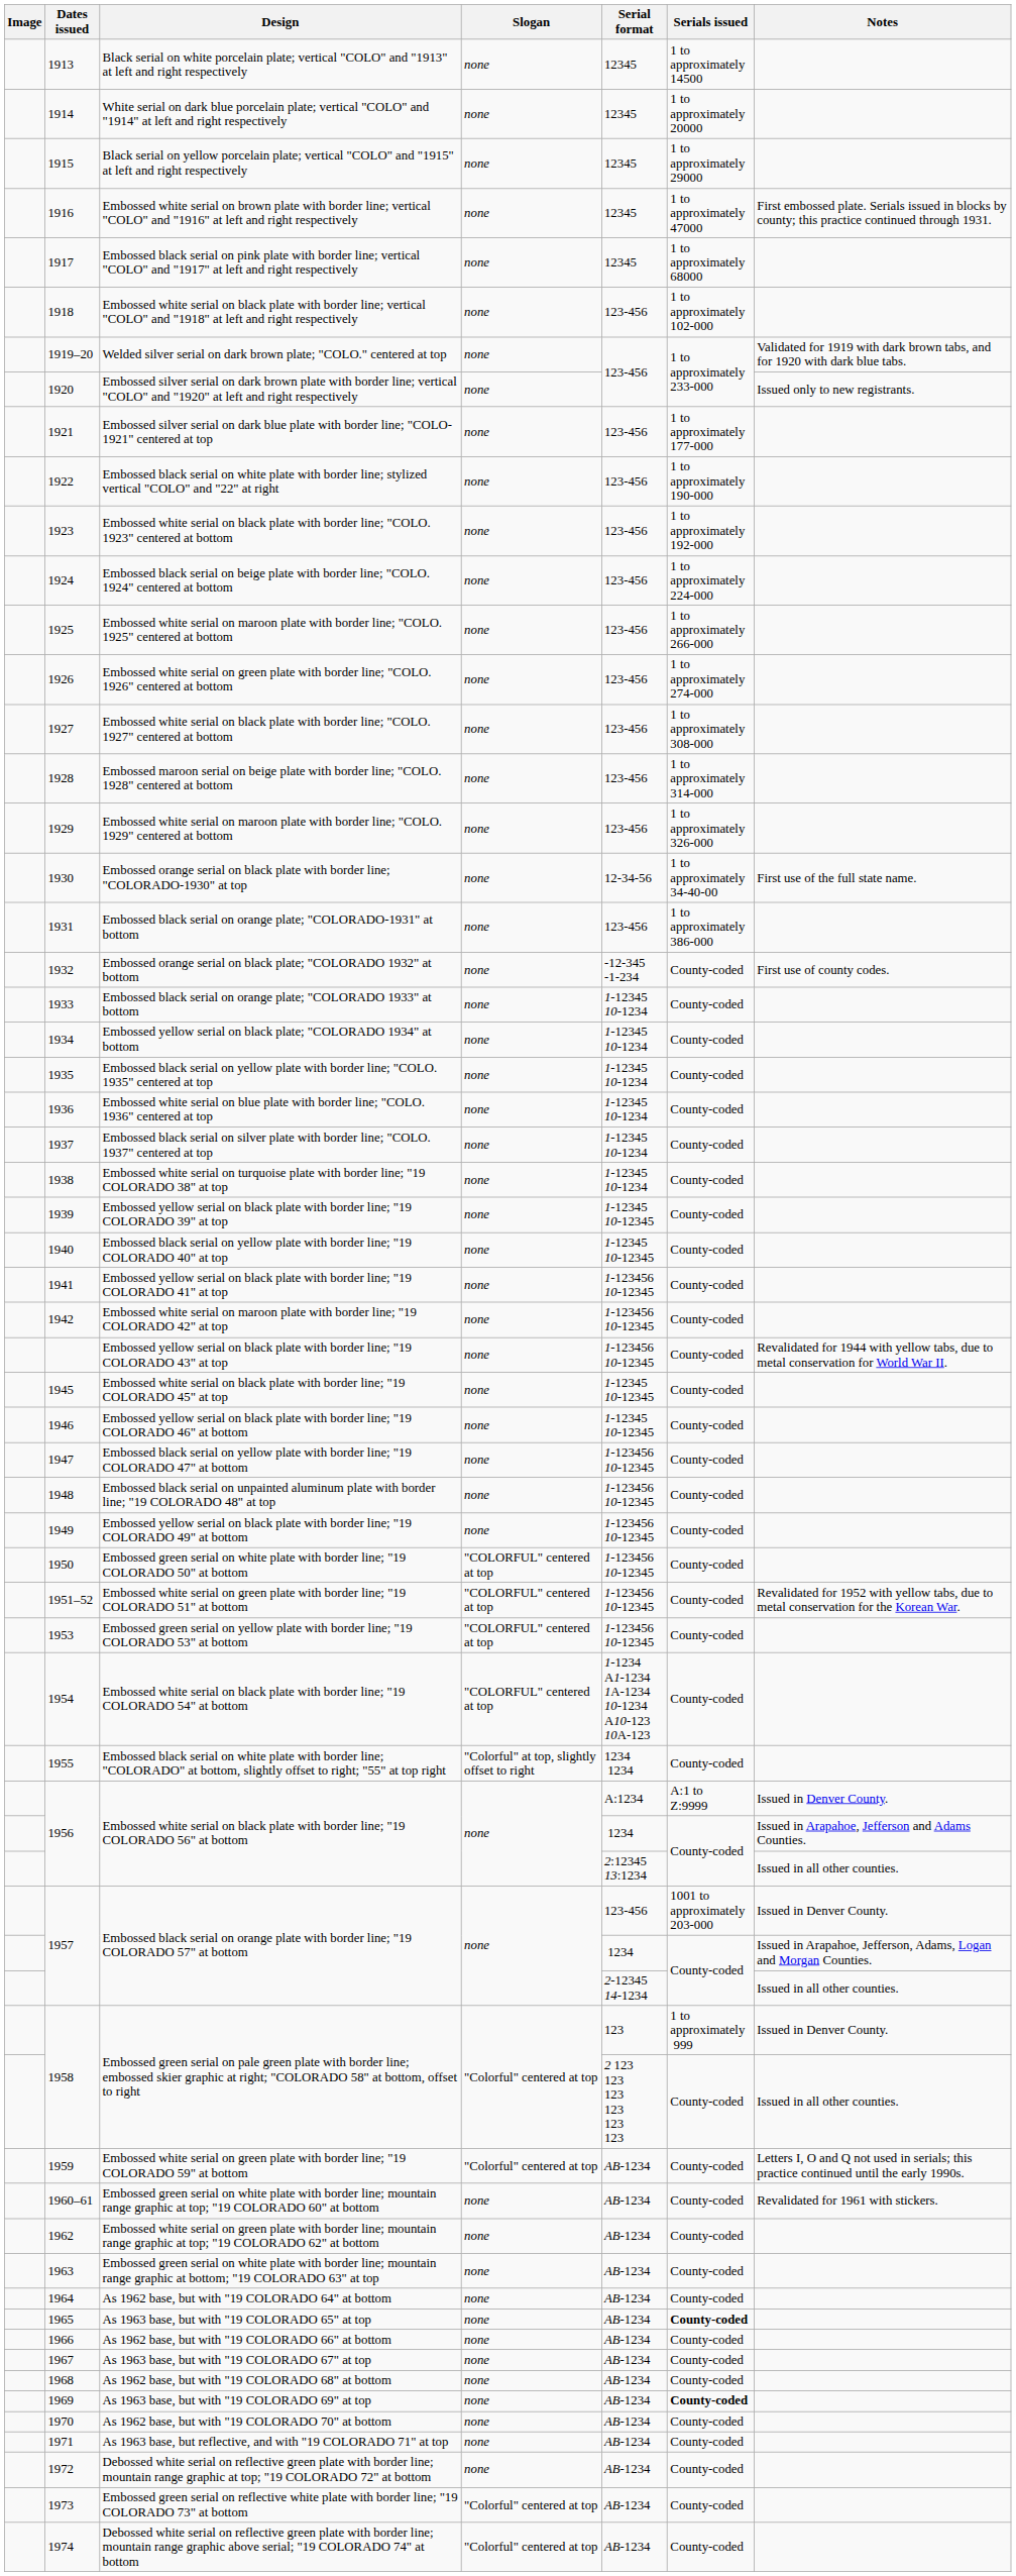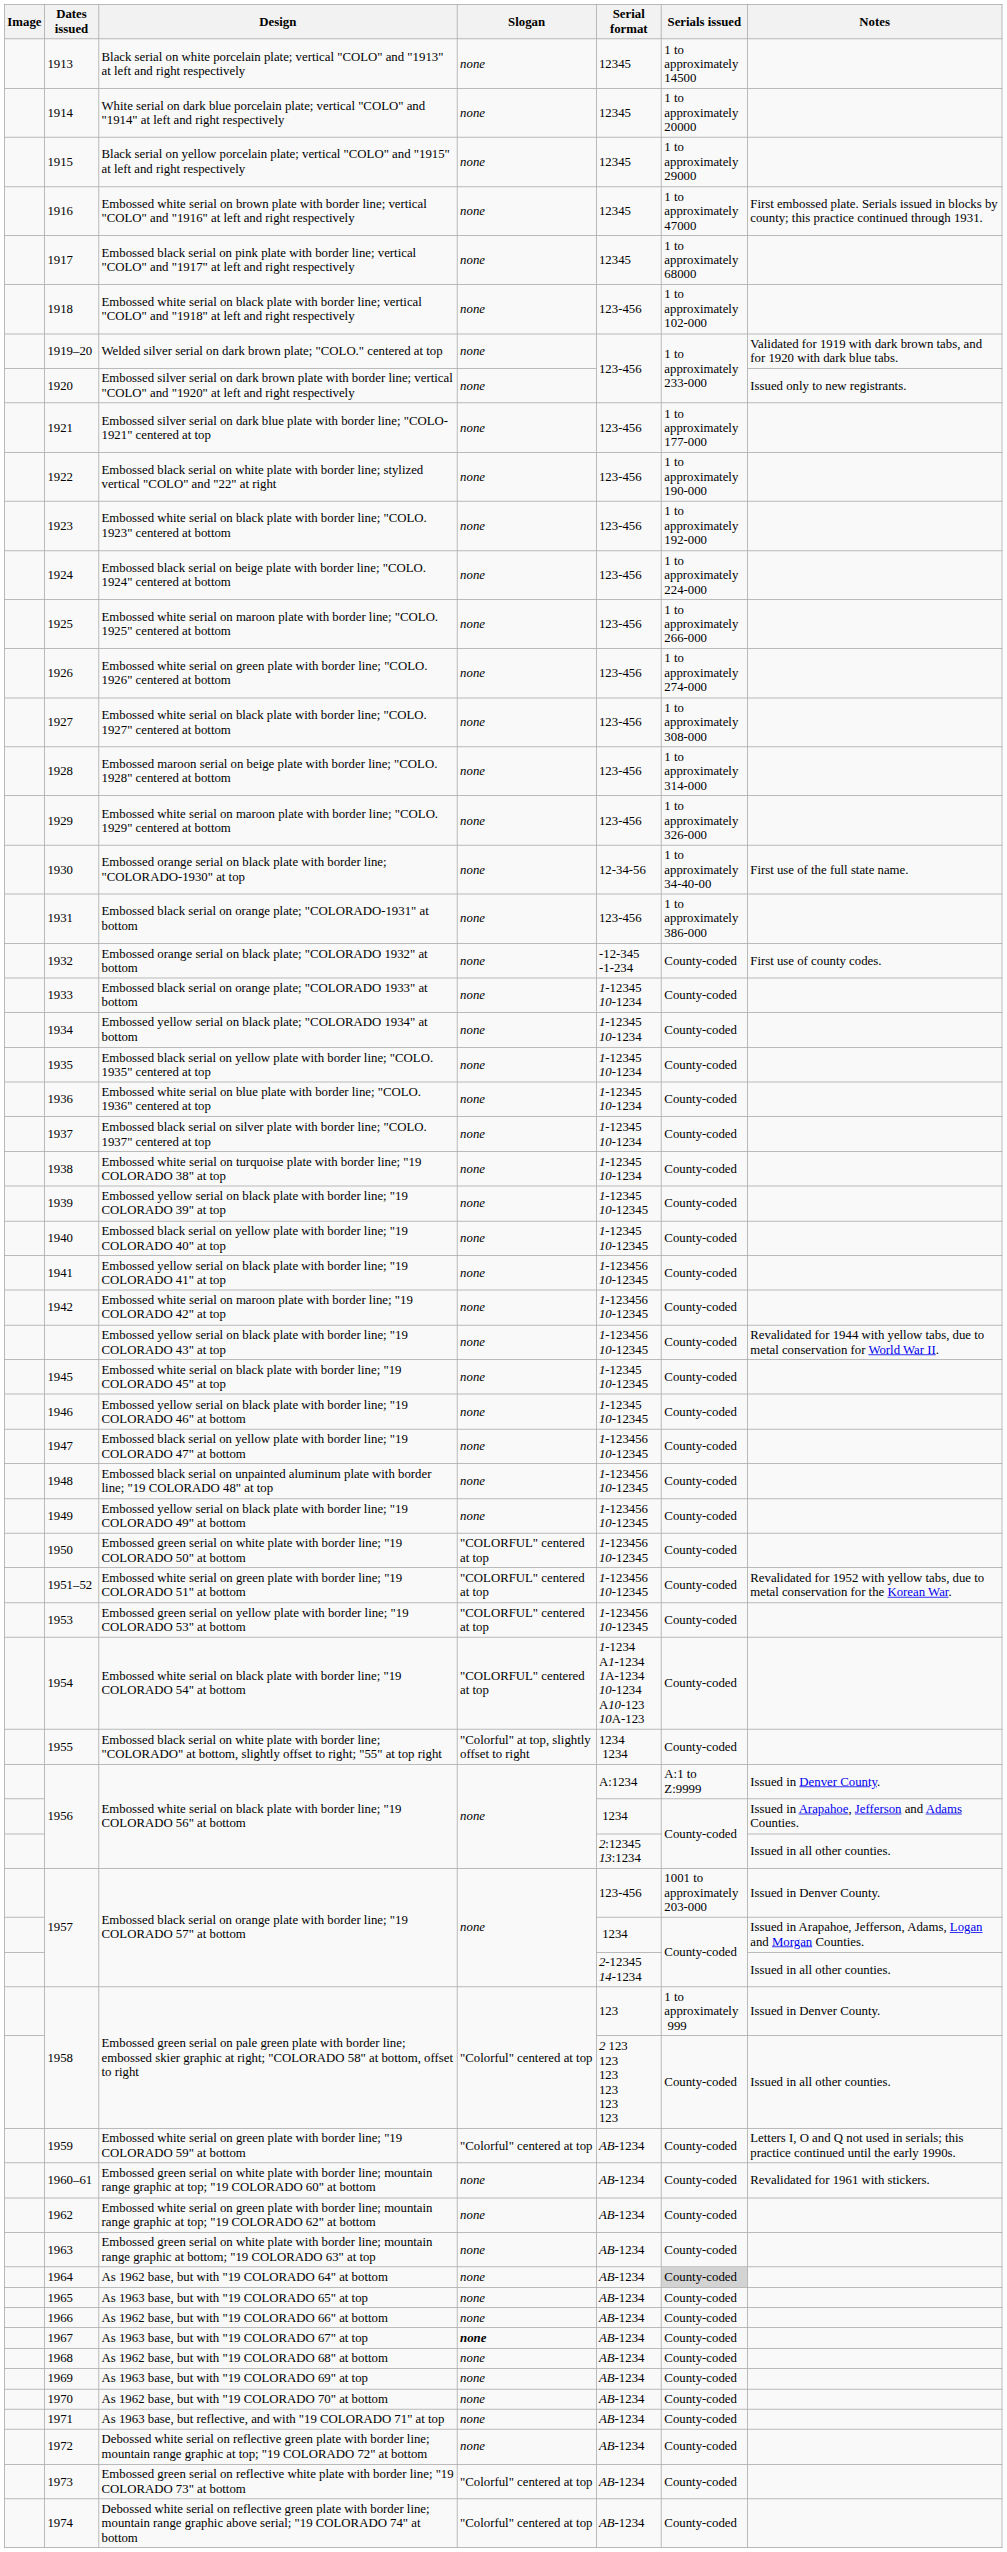 <table class="wikitable">
 <tr>
 <th>Image</th>
 <th>Dates issued</th>
 <th>Design</th>
 <th>Slogan</th>
 <th>Serial format</th>
 <th style="width:100px;">Serials issued</th>
 <th>Notes</th>
 </tr>
 <tr>
 <td></td>
 <td>1913</td>
 <td>Black serial on white porcelain plate; vertical "COLO" and "1913" at left and right respectively</td>
 <td><em>none</em></td>
 <td>12345</td>
 <td>1 to approximately 14500</td>
 <td></td>
 </tr>
 <tr>
 <td></td>
 <td>1914</td>
 <td>White serial on dark blue porcelain plate; vertical "COLO" and "1914" at left and right respectively</td>
 <td><em>none</em></td>
 <td>12345</td>
 <td>1 to approximately 20000</td>
 <td></td>
 </tr>
 <tr>
 <td></td>
 <td>1915</td>
 <td>Black serial on yellow porcelain plate; vertical "COLO" and "1915" at left and right respectively</td>
 <td><em>none</em></td>
 <td>12345</td>
 <td>1 to approximately 29000</td>
 <td></td>
 </tr>
 <tr>
 <td></td>
 <td>1916</td>
 <td>Embossed white serial on brown plate with border line; vertical "COLO" and "1916" at left and right respectively</td>
 <td><em>none</em></td>
 <td>12345</td>
 <td>1 to approximately 47000</td>
 <td>First embossed plate. Serials issued in blocks by county; this practice continued through 1931.</td>
 </tr>
 <tr>
 <td></td>
 <td>1917</td>
 <td>Embossed black serial on pink plate with border line; vertical "COLO" and "1917" at left and right respectively</td>
 <td><em>none</em></td>
 <td>12345</td>
 <td>1 to approximately 68000</td>
 <td></td>
 </tr>
 <tr>
 <td></td>
 <td>1918</td>
 <td>Embossed white serial on black plate with border line; vertical "COLO" and "1918" at left and right respectively</td>
 <td><em>none</em></td>
 <td>123-456</td>
 <td>1 to approximately 102-000</td>
 <td></td>
 </tr>
 <tr>
 <td><br></td>
 <td>1919–20</td>
 <td>Welded silver serial on dark brown plate; "COLO." centered at top</td>
 <td><em>none</em></td>
 <td rowspan="2">123-456</td>
 <td rowspan="2">1 to approximately 233-000</td>
 <td>Validated for 1919 with dark brown tabs, and for 1920 with dark blue tabs.</td>
 </tr>
 <tr>
 <td></td>
 <td>1920</td>
 <td>Embossed silver serial on dark brown plate with border line; vertical "COLO" and "1920" at left and right respectively</td>
 <td><em>none</em></td>
 <td>Issued only to new registrants.</td>
 </tr>
 <tr>
 <td></td>
 <td>1921</td>
 <td>Embossed silver serial on dark blue plate with border line; "COLO-1921" centered at top</td>
 <td><em>none</em></td>
 <td>123-456</td>
 <td>1 to approximately 177-000</td>
 <td></td>
 </tr>
 <tr>
 <td></td>
 <td>1922</td>
 <td>Embossed black serial on white plate with border line; stylized vertical "COLO" and "22" at right</td>
 <td><em>none</em></td>
 <td>123-456</td>
 <td>1 to approximately 190-000</td>
 <td></td>
 </tr>
 <tr>
 <td></td>
 <td>1923</td>
 <td>Embossed white serial on black plate with border line; "COLO. 1923" centered at bottom</td>
 <td><em>none</em></td>
 <td>123-456</td>
 <td>1 to approximately 192-000</td>
 <td></td>
 </tr>
 <tr>
 <td></td>
 <td>1924</td>
 <td>Embossed black serial on beige plate with border line; "COLO. 1924" centered at bottom</td>
 <td><em>none</em></td>
 <td>123-456</td>
 <td>1 to approximately 224-000</td>
 <td></td>
 </tr>
 <tr>
 <td></td>
 <td>1925</td>
 <td>Embossed white serial on maroon plate with border line; "COLO. 1925" centered at bottom</td>
 <td><em>none</em></td>
 <td>123-456</td>
 <td>1 to approximately 266-000</td>
 <td></td>
 </tr>
 <tr>
 <td></td>
 <td>1926</td>
 <td>Embossed white serial on green plate with border line; "COLO. 1926" centered at bottom</td>
 <td><em>none</em></td>
 <td>123-456</td>
 <td>1 to approximately 274-000</td>
 <td></td>
 </tr>
 <tr>
 <td></td>
 <td>1927</td>
 <td>Embossed white serial on black plate with border line; "COLO. 1927" centered at bottom</td>
 <td><em>none</em></td>
 <td>123-456</td>
 <td>1 to approximately 308-000</td>
 <td></td>
 </tr>
 <tr>
 <td></td>
 <td>1928</td>
 <td>Embossed maroon serial on beige plate with border line; "COLO. 1928" centered at bottom</td>
 <td><em>none</em></td>
 <td>123-456</td>
 <td>1 to approximately 314-000</td>
 <td></td>
 </tr>
 <tr>
 <td></td>
 <td>1929</td>
 <td>Embossed white serial on maroon plate with border line; "COLO. 1929" centered at bottom</td>
 <td><em>none</em></td>
 <td>123-456</td>
 <td>1 to approximately 326-000</td>
 <td></td>
 </tr>
 <tr>
 <td></td>
 <td>1930</td>
 <td>Embossed orange serial on black plate with border line; "COLORADO-1930" at top</td>
 <td><em>none</em></td>
 <td>12-34-56</td>
 <td>1 to approximately 34-40-00</td>
 <td>First use of the full state name.</td>
 </tr>
 <tr>
 <td></td>
 <td>1931</td>
 <td>Embossed black serial on orange plate; "COLORADO-1931" at bottom</td>
 <td><em>none</em></td>
 <td>123-456</td>
 <td>1 to approximately 386-000</td>
 <td></td>
 </tr>
 <tr>
 <td></td>
 <td>1932</td>
 <td>Embossed orange serial on black plate; "COLORADO 1932" at bottom</td>
 <td><em>none</em></td>
 <td>-12-345<br>-1-234</td>
 <td>County-coded</td>
 <td>First use of county codes.</td>
 </tr>
 <tr>
 <td></td>
 <td>1933</td>
 <td>Embossed black serial on orange plate; "COLORADO 1933" at bottom</td>
 <td><em>none</em></td>
 <td><em>1</em>-12345<br><em>10</em>-1234</td>
 <td>County-coded</td>
 <td></td>
 </tr>
 <tr>
 <td></td>
 <td>1934</td>
 <td>Embossed yellow serial on black plate; "COLORADO 1934" at bottom</td>
 <td><em>none</em></td>
 <td><em>1</em>-12345<br><em>10</em>-1234</td>
 <td>County-coded</td>
 <td></td>
 </tr>
 <tr>
 <td></td>
 <td>1935</td>
 <td>Embossed black serial on yellow plate with border line; "COLO. 1935" centered at top</td>
 <td><em>none</em></td>
 <td><em>1</em>-12345<br><em>10</em>-1234</td>
 <td>County-coded</td>
 <td></td>
 </tr>
 <tr>
 <td></td>
 <td>1936</td>
 <td>Embossed white serial on blue plate with border line; "COLO. 1936" centered at top</td>
 <td><em>none</em></td>
 <td><em>1</em>-12345<br><em>10</em>-1234</td>
 <td>County-coded</td>
 <td></td>
 </tr>
 <tr>
 <td></td>
 <td>1937</td>
 <td>Embossed black serial on silver plate with border line; "COLO. 1937" centered at top</td>
 <td><em>none</em></td>
 <td><em>1</em>-12345<br><em>10</em>-1234</td>
 <td>County-coded</td>
 <td></td>
 </tr>
 <tr>
 <td></td>
 <td>1938</td>
 <td>Embossed white serial on turquoise plate with border line; "19 COLORADO 38" at top</td>
 <td><em>none</em></td>
 <td><em>1</em>-12345<br><em>10</em>-1234</td>
 <td>County-coded</td>
 <td></td>
 </tr>
 <tr>
 <td></td>
 <td>1939</td>
 <td>Embossed yellow serial on black plate with border line; "19 COLORADO 39" at top</td>
 <td><em>none</em></td>
 <td><em>1</em>-12345<br><em>10</em>-12345</td>
 <td>County-coded</td>
 <td></td>
 </tr>
 <tr>
 <td></td>
 <td>1940</td>
 <td>Embossed black serial on yellow plate with border line; "19 COLORADO 40" at top</td>
 <td><em>none</em></td>
 <td><em>1</em>-12345<br><em>10</em>-12345</td>
 <td>County-coded</td>
 <td></td>
 </tr>
 <tr>
 <td></td>
 <td>1941</td>
 <td>Embossed yellow serial on black plate with border line; "19 COLORADO 41" at top</td>
 <td><em>none</em></td>
 <td><em>1</em>-123456<br><em>10</em>-12345</td>
 <td>County-coded</td>
 <td></td>
 </tr>
 <tr>
 <td></td>
 <td>1942</td>
 <td>Embossed white serial on maroon plate with border line; "19 COLORADO 42" at top</td>
 <td><em>none</em></td>
 <td><em>1</em>-123456<br><em>10</em>-12345</td>
 <td>County-coded</td>
 <td></td>
 </tr>
 <tr>
 <td><br></td>
 <td></td>
 <td>Embossed yellow serial on black plate with border line; "19 COLORADO 43" at top</td>
 <td><em>none</em></td>
 <td><em>1</em>-123456<br><em>10</em>-12345</td>
 <td>County-coded</td>
 <td>Revalidated for 1944 with yellow tabs, due to metal conservation for <a href='#'>World War II</a>.</td>
 </tr>
 <tr>
 <td></td>
 <td>1945</td>
 <td>Embossed white serial on black plate with border line; "19 COLORADO 45" at top</td>
 <td><em>none</em></td>
 <td><em>1</em>-12345<br><em>10</em>-12345</td>
 <td>County-coded</td>
 <td></td>
 </tr>
 <tr>
 <td></td>
 <td>1946</td>
 <td>Embossed yellow serial on black plate with border line; "19 COLORADO 46" at bottom</td>
 <td><em>none</em></td>
 <td><em>1</em>-12345<br><em>10</em>-12345</td>
 <td>County-coded</td>
 <td></td>
 </tr>
 <tr>
 <td></td>
 <td>1947</td>
 <td>Embossed black serial on yellow plate with border line; "19 COLORADO 47" at bottom</td>
 <td><em>none</em></td>
 <td><em>1</em>-123456<br><em>10</em>-12345</td>
 <td>County-coded</td>
 <td></td>
 </tr>
 <tr>
 <td></td>
 <td>1948</td>
 <td>Embossed black serial on unpainted aluminum plate with border line; "19 COLORADO 48" at top</td>
 <td><em>none</em></td>
 <td><em>1</em>-123456<br><em>10</em>-12345</td>
 <td>County-coded</td>
 <td></td>
 </tr>
 <tr>
 <td></td>
 <td>1949</td>
 <td>Embossed yellow serial on black plate with border line; "19 COLORADO 49" at bottom</td>
 <td><em>none</em></td>
 <td><em>1</em>-123456<br><em>10</em>-12345</td>
 <td>County-coded</td>
 <td></td>
 </tr>
 <tr>
 <td></td>
 <td>1950</td>
 <td>Embossed green serial on white plate with border line; "19 COLORADO 50" at bottom</td>
 <td>"COLORFUL" centered at top</td>
 <td><em>1</em>-123456<br><em>10</em>-12345</td>
 <td>County-coded</td>
 <td></td>
 </tr>
 <tr>
 <td><br></td>
 <td>1951–52</td>
 <td>Embossed white serial on green plate with border line; "19 COLORADO 51" at bottom</td>
 <td>"COLORFUL" centered at top</td>
 <td><em>1</em>-123456<br><em>10</em>-12345</td>
 <td>County-coded</td>
 <td>Revalidated for 1952 with yellow tabs, due to metal conservation for the <a href='#'>Korean War</a>.</td>
 </tr>
 <tr>
 <td></td>
 <td>1953</td>
 <td>Embossed green serial on yellow plate with border line; "19 COLORADO 53" at bottom</td>
 <td>"COLORFUL" centered at top</td>
 <td><em>1</em>-123456<br><em>10</em>-12345</td>
 <td>County-coded</td>
 <td></td>
 </tr>
 <tr>
 <td></td>
 <td>1954</td>
 <td>Embossed white serial on black plate with border line; "19 COLORADO 54" at bottom</td>
 <td>"COLORFUL" centered at top</td>
 <td><em>1</em>-1234<br>A<em>1</em>-1234<br><em>1</em>A-1234<br><em>10</em>-1234<br>A<em>10</em>-123<br><em>10</em>A-123</td>
 <td>County-coded</td>
 <td></td>
 </tr>
 <tr>
 <td></td>
 <td>1955</td>
 <td>Embossed black serial on white plate with border line; "COLORADO" at bottom, slightly offset to right; "55" at top right</td>
 <td>"Colorful" at top, slightly offset to right</td>
 <td> 1234<br> 1234</td>
 <td>County-coded</td>
 <td></td>
 </tr>
 <tr>
 <td></td>
 <td rowspan="3">1956</td>
 <td rowspan="3">Embossed white serial on black plate with border line; "19 COLORADO 56" at bottom</td>
 <td rowspan="3"><em>none</em></td>
 <td>A:1234</td>
 <td>A:1 to<br>Z:9999</td>
 <td>Issued in <a href='#'>Denver County</a>.</td>
 </tr>
 <tr>
 <td></td>
 <td> 1234</td>
 <td rowspan="2">County-coded</td>
 <td>Issued in <a href='#'>Arapahoe</a>, <a href='#'>Jefferson</a> and <a href='#'>Adams</a> Counties.</td>
 </tr>
 <tr>
 <td></td>
 <td><em>2</em>:12345<br><em>13</em>:1234</td>
 <td>Issued in all other counties.</td>
 </tr>
 <tr>
 <td></td>
 <td rowspan="3">1957</td>
 <td rowspan="3">Embossed black serial on orange plate with border line; "19 COLORADO 57" at bottom</td>
 <td rowspan="3"><em>none</em></td>
 <td>123-456</td>
 <td>1001 to approximately 203-000</td>
 <td>Issued in Denver County.</td>
 </tr>
 <tr>
 <td></td>
 <td> 1234</td>
 <td rowspan="2">County-coded</td>
 <td>Issued in Arapahoe, Jefferson, Adams, <a href='#'>Logan</a> and <a href='#'>Morgan</a> Counties.</td>
 </tr>
 <tr>
 <td></td>
 <td><em>2</em>-12345<br><em>14</em>-1234</td>
 <td>Issued in all other counties.</td>
 </tr>
 <tr>
 <td></td>
 <td rowspan="2">1958</td>
 <td rowspan="2">Embossed green serial on pale green plate with border line; embossed skier graphic at right; "COLORADO 58" at bottom, offset to right</td>
 <td rowspan="2">"Colorful" centered at top</td>
 <td> 123</td>
 <td> 1 to approximately  999</td>
 <td>Issued in Denver County.</td>
 </tr>
 <tr>
 <td></td>
 <td><em>2</em> 123<br> 123<br> 123<br> 123<br> 123<br> 123</td>
 <td>County-coded</td>
 <td>Issued in all other counties.</td>
 </tr>
 <tr>
 <td></td>
 <td>1959</td>
 <td>Embossed white serial on green plate with border line; "19 COLORADO 59" at bottom</td>
 <td>"Colorful" centered at top</td>
 <td><em>AB</em>-1234</td>
 <td>County-coded</td>
 <td>Letters I, O and Q not used in serials; this practice continued until the early 1990s.</td>
 </tr>
 <tr>
 <td></td>
 <td>1960–61</td>
 <td>Embossed green serial on white plate with border line; mountain range graphic at top; "19 COLORADO 60" at bottom</td>
 <td><em>none</em></td>
 <td><em>AB</em>-1234</td>
 <td>County-coded</td>
 <td>Revalidated for 1961 with stickers.</td>
 </tr>
 <tr>
 <td></td>
 <td>1962</td>
 <td>Embossed white serial on green plate with border line; mountain range graphic at top; "19 COLORADO 62" at bottom</td>
 <td><em>none</em></td>
 <td><em>AB</em>-1234</td>
 <td>County-coded</td>
 <td></td>
 </tr>
 <tr>
 <td></td>
 <td>1963</td>
 <td>Embossed green serial on white plate with border line; mountain range graphic at bottom; "19 COLORADO 63" at top</td>
 <td><em>none</em></td>
 <td><em>AB</em>-1234</td>
 <td>County-coded</td>
 <td></td>
 </tr>
 <tr>
 <td></td>
 <td>1964</td>
 <td>As 1962 base, but with "19 COLORADO 64" at bottom</td>
 <td><em>none</em></td>
 <td><em>AB</em>-1234</td>
-<td>County-coded</td>
+<td style="background: lightgrey;">County-coded</td>
 <td></td>
 </tr>
 <tr>
 <td></td>
 <td>1965</td>
 <td>As 1963 base, but with "19 COLORADO 65" at top</td>
 <td><em>none</em></td>
 <td><em>AB</em>-1234</td>
-<td><strong>County-coded</strong></td>
+<td>County-coded</td>
 <td></td>
 </tr>
 <tr>
 <td></td>
 <td>1966</td>
 <td>As 1962 base, but with "19 COLORADO 66" at bottom</td>
 <td><em>none</em></td>
 <td><em>AB</em>-1234</td>
 <td>County-coded</td>
 <td></td>
 </tr>
 <tr>
 <td></td>
 <td>1967</td>
 <td>As 1963 base, but with "19 COLORADO 67" at top</td>
-<td><em>none</em></td>
+<td><strong><em>none</em></strong></td>
 <td><em>AB</em>-1234</td>
 <td>County-coded</td>
 <td></td>
 </tr>
 <tr>
 <td></td>
 <td>1968</td>
 <td>As 1962 base, but with "19 COLORADO 68" at bottom</td>
 <td><em>none</em></td>
 <td><em>AB</em>-1234</td>
 <td>County-coded</td>
 <td></td>
 </tr>
 <tr>
 <td></td>
 <td>1969</td>
 <td>As 1963 base, but with "19 COLORADO 69" at top</td>
 <td><em>none</em></td>
 <td><em>AB</em>-1234</td>
-<td><strong>County-coded</strong></td>
+<td>County-coded</td>
 <td></td>
 </tr>
 <tr>
 <td></td>
 <td>1970</td>
 <td>As 1962 base, but with "19 COLORADO 70" at bottom</td>
 <td><em>none</em></td>
 <td><em>AB</em>-1234</td>
 <td>County-coded</td>
 <td></td>
 </tr>
 <tr>
 <td></td>
 <td>1971</td>
 <td>As 1963 base, but reflective, and with "19 COLORADO 71" at top</td>
 <td><em>none</em></td>
 <td><em>AB</em>-1234</td>
 <td>County-coded</td>
 <td></td>
 </tr>
 <tr>
 <td></td>
 <td>1972</td>
 <td>Debossed white serial on reflective green plate with border line; mountain range graphic at top; "19 COLORADO 72" at bottom</td>
 <td><em>none</em></td>
 <td><em>AB</em>-1234</td>
 <td>County-coded</td>
 <td></td>
 </tr>
 <tr>
 <td></td>
 <td>1973</td>
 <td>Embossed green serial on reflective white plate with border line; "19 COLORADO 73" at bottom</td>
 <td>"Colorful" centered at top</td>
 <td><em>AB</em>-1234</td>
 <td>County-coded</td>
 <td></td>
 </tr>
 <tr>
 <td></td>
 <td>1974</td>
 <td>Debossed white serial on reflective green plate with border line; mountain range graphic above serial; "19 COLORADO 74" at bottom</td>
 <td>"Colorful" centered at top</td>
 <td><em>AB</em>-1234</td>
 <td>County-coded</td>
 <td></td>
 </tr>
 </table>
